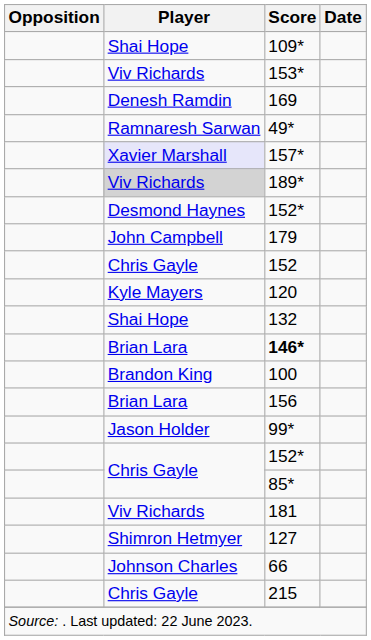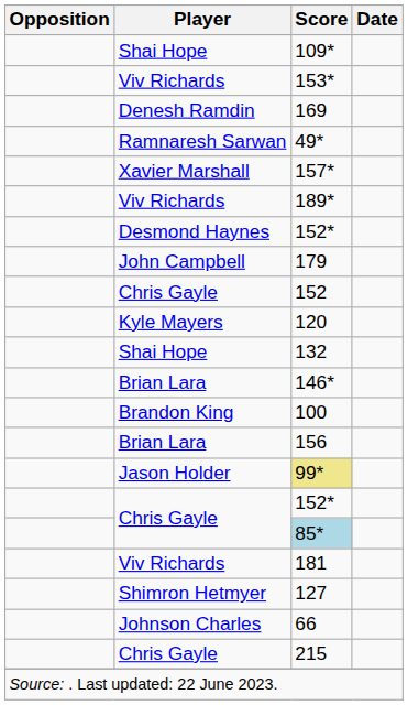 <table class="wikitable sortable">
 <tr>
 <th>Opposition</th>
 <th>Player</th>
 <th>Score</th>
 <th>Date</th>
 </tr>
 <tr>
 <td></td>
 <td><a href='#'>Shai Hope</a></td>
 <td>109*</td>
 <td></td>
 </tr>
 <tr>
 <td></td>
 <td><a href='#'>Viv Richards</a></td>
 <td>153*</td>
 <td></td>
 </tr>
 <tr>
 <td></td>
 <td><a href='#'>Denesh Ramdin</a></td>
 <td>169</td>
 <td></td>
 </tr>
 <tr>
 <td></td>
 <td><a href='#'>Ramnaresh Sarwan</a></td>
 <td>49*</td>
 <td></td>
 </tr>
 <tr>
 <td></td>
-<td style="background: lavender;"><a href='#'>Xavier Marshall</a></td>
+<td><a href='#'>Xavier Marshall</a></td>
 <td>157*</td>
 <td></td>
 </tr>
 <tr>
 <td></td>
-<td style="background: lightgrey;"><a href='#'>Viv Richards</a></td>
+<td><a href='#'>Viv Richards</a></td>
 <td>189*</td>
 <td></td>
 </tr>
 <tr>
 <td></td>
 <td><a href='#'>Desmond Haynes</a></td>
 <td>152*</td>
 <td></td>
 </tr>
 <tr>
 <td></td>
 <td><a href='#'>John Campbell</a></td>
 <td>179</td>
 <td></td>
 </tr>
 <tr>
 <td></td>
 <td><a href='#'>Chris Gayle</a></td>
 <td>152</td>
 <td></td>
 </tr>
 <tr>
 <td></td>
 <td><a href='#'>Kyle Mayers</a></td>
 <td>120</td>
 <td></td>
 </tr>
 <tr>
 <td></td>
 <td><a href='#'>Shai Hope</a></td>
 <td>132</td>
 <td> </td>
 </tr>
 <tr>
 <td></td>
 <td><a href='#'>Brian Lara</a></td>
-<td><strong>146*</strong></td>
+<td>146*</td>
 <td></td>
 </tr>
 <tr>
 <td></td>
 <td><a href='#'>Brandon King</a></td>
 <td>100</td>
 <td></td>
 </tr>
 <tr>
 <td></td>
 <td><a href='#'>Brian Lara</a></td>
 <td>156</td>
 <td></td>
 </tr>
 <tr>
 <td></td>
 <td><a href='#'>Jason Holder</a></td>
-<td>99*</td>
+<td style="background: khaki;">99*</td>
 <td></td>
 </tr>
 <tr>
 <td></td>
 <td rowspan=2><a href='#'>Chris Gayle</a></td>
 <td>152*</td>
 <td></td>
 </tr>
 <tr>
 <td></td>
-<td>85*</td>
+<td style="background: lightblue;">85*</td>
 <td></td>
 </tr>
 <tr>
 <td></td>
 <td><a href='#'>Viv Richards</a></td>
 <td>181</td>
 <td> </td>
 </tr>
 <tr>
 <td></td>
 <td><a href='#'>Shimron Hetmyer</a></td>
 <td>127</td>
 <td></td>
 </tr>
 <tr>
 <td></td>
 <td><a href='#'>Johnson Charles</a></td>
 <td>66</td>
 <td></td>
 </tr>
 <tr>
 <td></td>
 <td><a href='#'>Chris Gayle</a></td>
 <td>215</td>
 <td> </td>
 </tr>
 <tr>
 </tr>
 <tr class=sortbottom>
 <td colspan=5><small><em>Source: </em>. Last updated: 22 June 2023.</small></td>
 </tr>
 </table>
